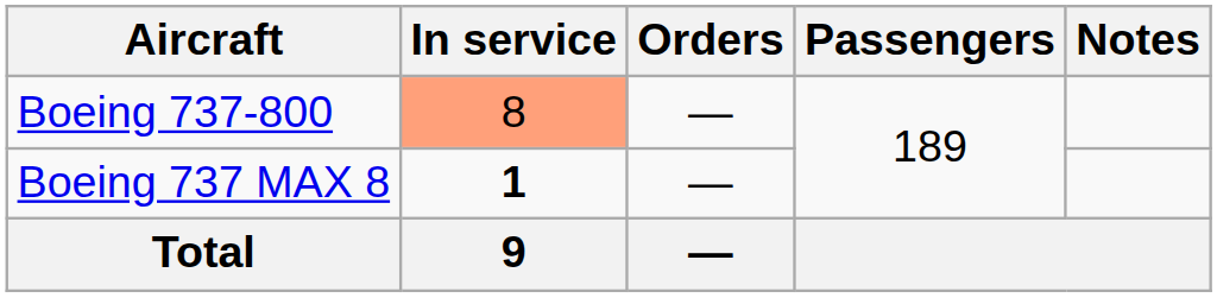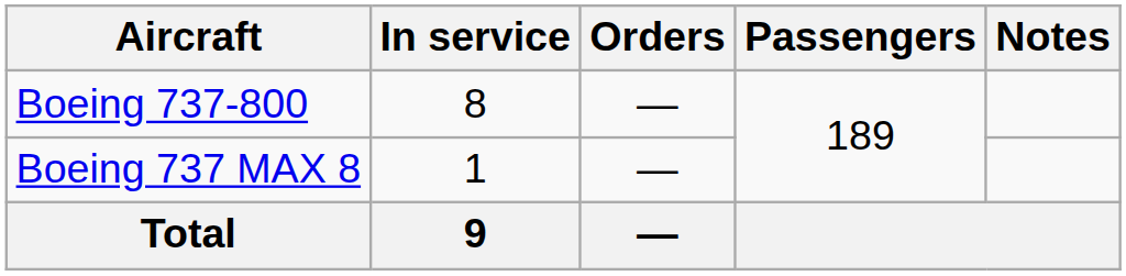 <table class="wikitable" style="margin:0.5em auto;">
 <tr>
 <th>Aircraft</th>
 <th>In service</th>
 <th>Orders</th>
 <th>Passengers</th>
 <th>Notes</th>
 </tr>
 <tr>
 <td><a href='#'>Boeing 737-800</a></td>
-<td align=center style="background: lightsalmon;">8</td>
+<td align=center>8</td>
 <td align=center>—</td>
 <td rowspan=2 align=center>189</td>
 <td></td>
 </tr>
 <tr>
 <td><a href='#'>Boeing 737 MAX 8</a></td>
-<td align=center><strong>1</strong></td>
+<td align=center>1</td>
 <td align=center>—</td>
 <td></td>
 </tr>
 <tr>
 <th>Total</th>
 <th align=center>9</th>
 <th align=center>—</th>
 <th colspan="2"></th>
 </tr>
 </table>
